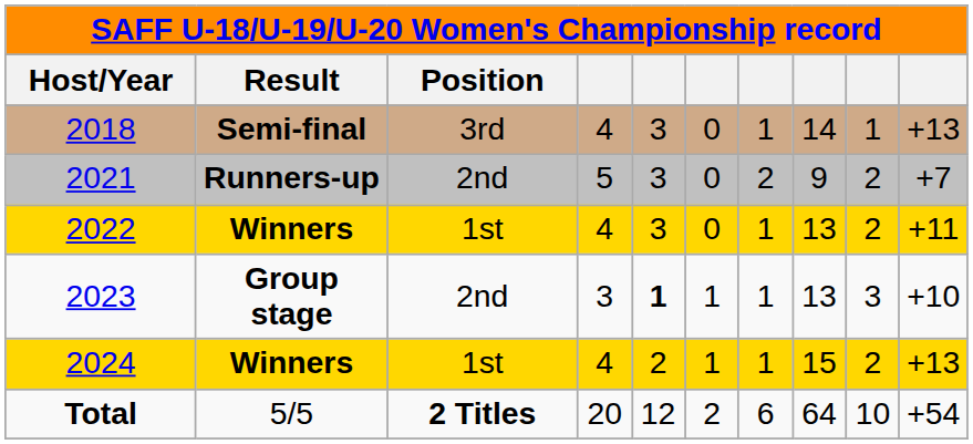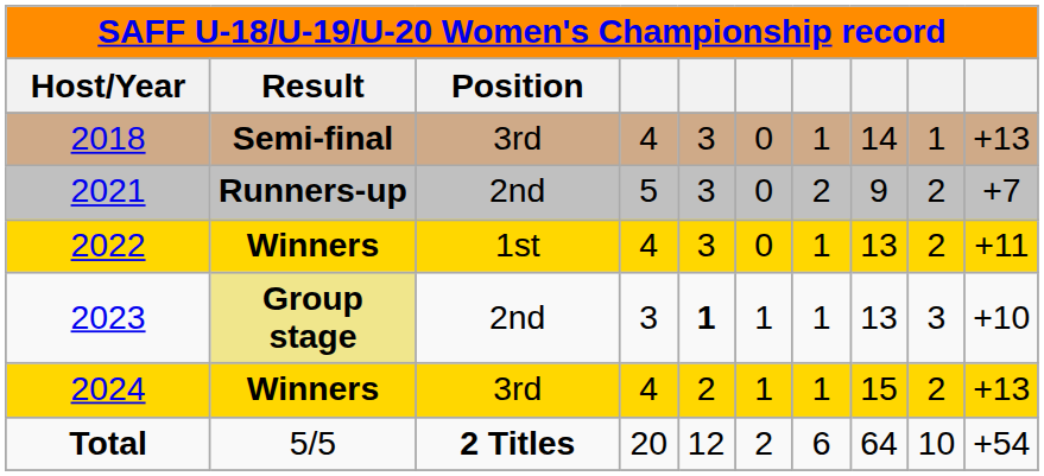 <table class="wikitable collapsible" style="text-align: center;">
 <tr>
 <th colspan=10 style="background: #FF8C00; color: #0000FF;"><a href='#'>SAFF U-18/U-19/U-20 Women's Championship</a> record</th>
 </tr>
 <tr>
 <th width="90">Host/Year</th>
 <th width="90">Result</th>
 <th width="90">Position</th>
 <th width="20"></th>
 <th width="20"></th>
 <th width="20"></th>
 <th width="20"></th>
 <th width="20"></th>
 <th width="20"></th>
 <th width="20"></th>
 </tr>
 <tr style="background:#cfaa88;">
 <td> <a href='#'>2018</a></td>
 <td><strong>Semi-final</strong></td>
 <td>3rd</td>
 <td>4</td>
 <td>3</td>
 <td>0</td>
 <td>1</td>
 <td>14</td>
 <td>1</td>
 <td>+13</td>
 </tr>
 <tr style="background:silver">
 <td> <a href='#'>2021</a></td>
 <td><strong>Runners-up</strong></td>
 <td>2nd</td>
 <td>5</td>
 <td>3</td>
 <td>0</td>
 <td>2</td>
 <td>9</td>
 <td>2</td>
 <td>+7</td>
 </tr>
 <tr style="background:gold">
 <td> <a href='#'>2022</a></td>
 <td><strong>Winners</strong></td>
 <td>1st</td>
 <td>4</td>
 <td>3</td>
 <td>0</td>
 <td>1</td>
 <td>13</td>
 <td>2</td>
 <td>+11</td>
 </tr>
 <tr>
 <td> <a href='#'>2023</a></td>
-<td><strong>Group stage</strong></td>
+<td style="background: khaki;"><strong>Group stage</strong></td>
 <td>2nd</td>
 <td>3</td>
 <td><strong>1</strong></td>
 <td>1</td>
 <td>1</td>
 <td>13</td>
 <td>3</td>
 <td>+10</td>
 </tr>
 <tr style="background:gold">
 <td> <a href='#'>2024</a></td>
 <td><strong>Winners</strong></td>
-<td>1st</td>
+<td>3rd</td>
 <td>4</td>
 <td>2</td>
 <td>1</td>
 <td>1</td>
 <td>15</td>
 <td>2</td>
 <td>+13</td>
 </tr>
 <tr>
 <td><strong>Total</strong></td>
 <td>5/5</td>
 <td><strong>2 Titles</strong></td>
 <td>20</td>
 <td>12</td>
 <td>2</td>
 <td>6</td>
 <td>64</td>
 <td>10</td>
 <td>+54</td>
 </tr>
 </table>
